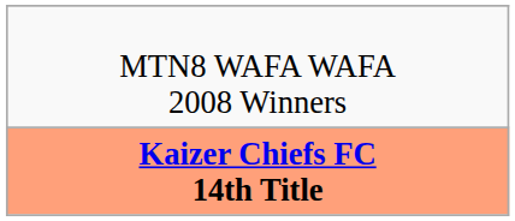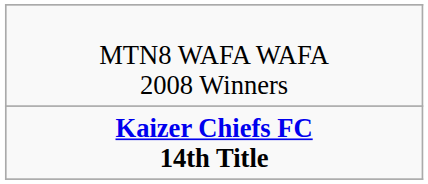 <table class="wikitable" style="text-align: center; margin: 0 auto; width: 20%">
 <tr>
 <td><br>MTN8 WAFA WAFA<br>2008 Winners</td>
 </tr>
 <tr>
-<td style="background: lightsalmon;"><strong><a href='#'>Kaizer Chiefs FC</a></strong><br><strong>14th Title</strong></td>
+<td><strong><a href='#'>Kaizer Chiefs FC</a></strong><br><strong>14th Title</strong></td>
 </tr>
 </table>
